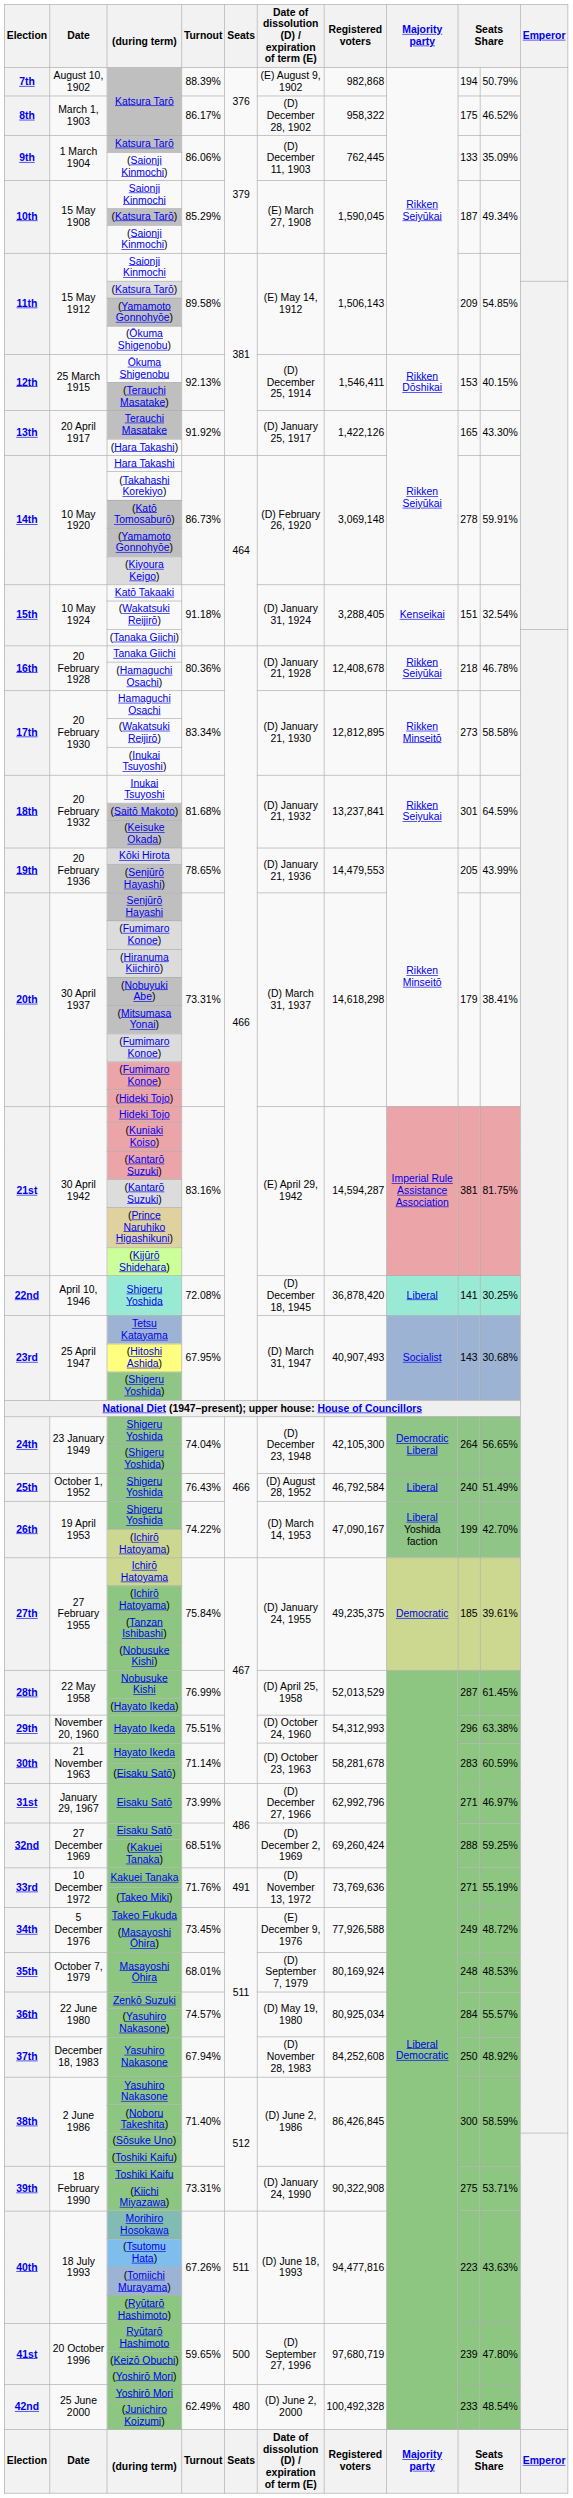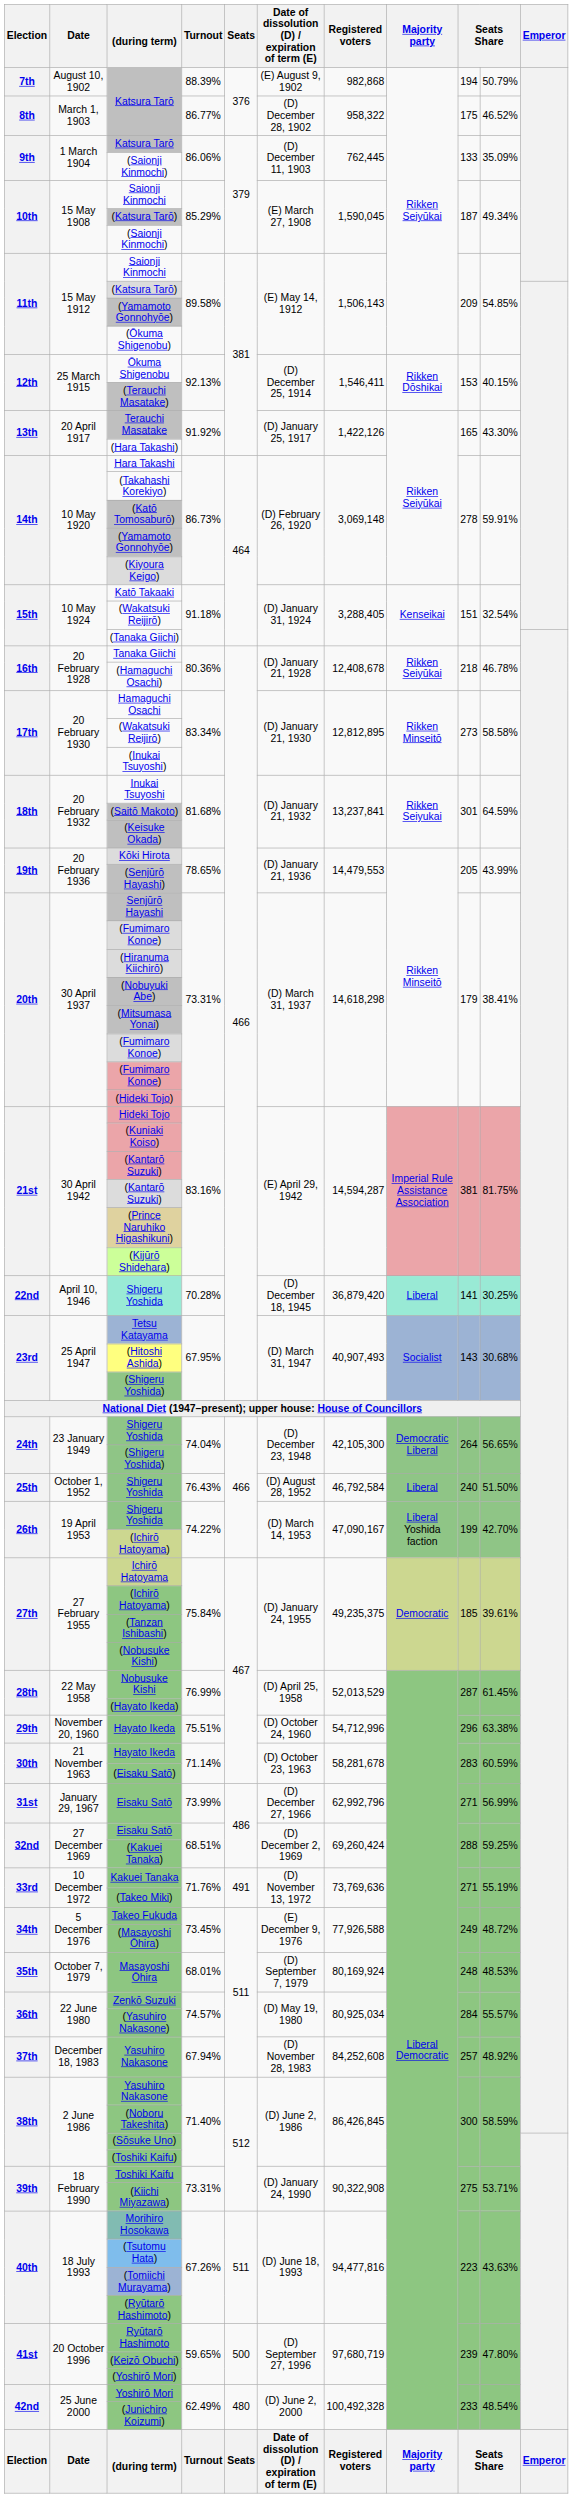 <table class="wikitable plainrowheaders" style="text-align:center">
 <tr>
 <th>Election</th>
 <th>Date</th>
 <th><br>(during term)</th>
 <th>Turnout</th>
 <th>Seats</th>
 <th>Date of<br>dissolution (D) /<br>expiration of term (E)</th>
 <th>Registered<br>voters</th>
 <th><a href='#'>Majority party</a></th>
 <th colspan=2>Seats Share</th>
 <th><a href='#'>Emperor</a><br></th>
 </tr>
 <tr>
 <th><a href='#'>7th</a></th>
 <td>August 10, 1902</td>
 <td bgcolor="#bfbfbf" rowspan=2><a href='#'>Katsura Tarō</a></td>
 <td>88.39%</td>
 <td rowspan=2>376</td>
 <td>(E) August 9, 1902</td>
 <td align="right">982,868</td>
 <td rowspan="11"><a href='#'>Rikken Seiyūkai</a></td>
 <td>194</td>
 <td>50.79%</td>
 <th rowspan=8 style="font-weight:normal"><strong></strong><br><div></div></th>
 </tr>
 <tr>
 <th><a href='#'>8th</a></th>
 <td>March 1, 1903</td>
-<td>86.17%</td>
+<td>86.77%</td>
 <td>(D) December 28, 1902</td>
 <td align="right">958,322</td>
 <td>175</td>
 <td>46.52%</td>
 </tr>
 <tr>
 <th rowspan=2><a href='#'>9th</a></th>
 <td rowspan=2>1 March 1904</td>
 <td bgcolor="#bfbfbf"><a href='#'>Katsura Tarō</a></td>
 <td rowspan=2>86.06%</td>
 <td rowspan=5>379</td>
 <td rowspan=2>(D) December 11, 1903</td>
 <td rowspan=2 align="right">762,445</td>
 <td rowspan=2>133</td>
 <td rowspan=2>35.09%</td>
 </tr>
 <tr>
 <td>(<a href='#'>Saionji Kinmochi</a>)</td>
 </tr>
 <tr>
 <th rowspan=3><a href='#'>10th</a></th>
 <td rowspan=3>15 May 1908</td>
 <td><a href='#'>Saionji Kinmochi</a></td>
 <td rowspan=3>85.29%</td>
 <td rowspan=3>(E) March 27, 1908</td>
 <td rowspan=3 align="right">1,590,045</td>
 <td rowspan=3>187</td>
 <td rowspan=3>49.34%</td>
 </tr>
 <tr>
 <td bgcolor="#bfbfbf">(<a href='#'>Katsura Tarō</a>)</td>
 </tr>
 <tr>
 <td>(<a href='#'>Saionji Kinmochi</a>)</td>
 </tr>
 <tr>
 <th rowspan=4><a href='#'>11th</a></th>
 <td rowspan=4>15 May 1912</td>
 <td><a href='#'>Saionji Kinmochi</a></td>
 <td rowspan=4>89.58%</td>
 <td rowspan=8>381</td>
 <td rowspan=4>(E) May 14, 1912</td>
 <td rowspan=4 align="right">1,506,143</td>
 <td rowspan=4>209</td>
 <td rowspan=4>54.85%</td>
 </tr>
 <tr>
 <td bgcolor="Gainsboro">(<a href='#'>Katsura Tarō</a>)</td>
 <th rowspan=14 style="font-weight:normal"><strong></strong><br><div></div></th>
 </tr>
 <tr>
 <td bgcolor="#bfbfbf">(<a href='#'>Yamamoto Gonnohyōe</a>)</td>
 </tr>
 <tr>
 <td bgcolor=>(<a href='#'>Ōkuma Shigenobu</a>)</td>
 </tr>
 <tr>
 <th rowspan=2><a href='#'>12th</a></th>
 <td rowspan=2>25 March 1915</td>
 <td bgcolor=><a href='#'>Ōkuma Shigenobu</a></td>
 <td rowspan=2>92.13%</td>
 <td rowspan=2>(D) December 25, 1914</td>
 <td rowspan=2 align="right">1,546,411</td>
 <td rowspan=2 bgcolor=><a href='#'>Rikken Dōshikai</a></td>
 <td rowspan=2 bgcolor=>153</td>
 <td rowspan=2 bgcolor=>40.15%</td>
 </tr>
 <tr>
 <td bgcolor="#bfbfbf">(<a href='#'>Terauchi Masatake</a>)</td>
 </tr>
 <tr>
 <th rowspan=2><a href='#'>13th</a></th>
 <td rowspan=2>20 April 1917</td>
 <td bgcolor="#bfbfbf"><a href='#'>Terauchi Masatake</a></td>
 <td rowspan=2>91.92%</td>
 <td rowspan=2>(D) January 25, 1917</td>
 <td rowspan=2 align="right">1,422,126</td>
 <td rowspan=7 bgcolor=><a href='#'>Rikken Seiyūkai</a></td>
 <td rowspan=2 bgcolor=>165</td>
 <td rowspan=2 bgcolor=>43.30%</td>
 </tr>
 <tr>
 <td bgcolor=>(<a href='#'>Hara Takashi</a>)</td>
 </tr>
 <tr>
 <th rowspan=5><a href='#'>14th</a></th>
 <td rowspan=5>10 May 1920</td>
 <td bgcolor=><a href='#'>Hara Takashi</a></td>
 <td rowspan=5>86.73%</td>
 <td rowspan=8>464</td>
 <td rowspan=5>(D) February 26, 1920</td>
 <td rowspan=5 align="right">3,069,148</td>
 <td rowspan=5 bgcolor=>278</td>
 <td rowspan=5 bgcolor=>59.91%</td>
 </tr>
 <tr>
 <td bgcolor=>(<a href='#'>Takahashi Korekiyo</a>)</td>
 </tr>
 <tr>
 <td bgcolor="#bfbfbf">(<a href='#'>Katō Tomosaburō</a>)</td>
 </tr>
 <tr>
 <td bgcolor="#bfbfbf">(<a href='#'>Yamamoto Gonnohyōe</a>)</td>
 </tr>
 <tr>
 <td bgcolor="Gainsboro">(<a href='#'>Kiyoura Keigo</a>)</td>
 </tr>
 <tr>
 <th rowspan=3><a href='#'>15th</a></th>
 <td rowspan=3>10 May 1924</td>
 <td bgcolor=><a href='#'>Katō Takaaki</a></td>
 <td rowspan=3>91.18%</td>
 <td rowspan=3>(D) January 31, 1924</td>
 <td rowspan=3 align="right">3,288,405</td>
 <td rowspan=3 bgcolor=><a href='#'>Kenseikai</a></td>
 <td rowspan=3 bgcolor=>151</td>
 <td rowspan=3 bgcolor=>32.54%</td>
 </tr>
 <tr>
 <td bgcolor=>(<a href='#'>Wakatsuki Reijirō</a>)</td>
 </tr>
 <tr>
 <td bgcolor=>(<a href='#'>Tanaka Giichi</a>)</td>
 <th rowspan=57 style="font-weight:normal"><strong></strong><br><div></div></th>
 </tr>
 <tr>
 <th rowspan=2><a href='#'>16th</a></th>
 <td rowspan=2>20 February 1928</td>
 <td bgcolor=><a href='#'>Tanaka Giichi</a></td>
 <td rowspan=2>80.36%</td>
 <td rowspan=28>466</td>
 <td rowspan=2>(D) January 21, 1928</td>
 <td rowspan=2 align="right">12,408,678</td>
 <td rowspan=2 bgcolor=><a href='#'>Rikken Seiyūkai</a></td>
 <td rowspan=2 bgcolor=>218</td>
 <td rowspan=2 bgcolor=>46.78%</td>
 </tr>
 <tr>
 <td>(<a href='#'>Hamaguchi Osachi</a>)</td>
 </tr>
 <tr>
 <th rowspan=3><a href='#'>17th</a></th>
 <td rowspan=3>20 February 1930</td>
 <td><a href='#'>Hamaguchi Osachi</a></td>
 <td rowspan=3>83.34%</td>
 <td rowspan=3>(D) January 21, 1930</td>
 <td rowspan=3 align="right">12,812,895</td>
 <td rowspan=3><a href='#'>Rikken Minseitō</a></td>
 <td rowspan=3>273</td>
 <td rowspan=3>58.58%</td>
 </tr>
 <tr>
 <td>(<a href='#'>Wakatsuki Reijirō</a>)</td>
 </tr>
 <tr>
 <td>(<a href='#'>Inukai Tsuyoshi</a>)</td>
 </tr>
 <tr>
 <th rowspan=3><a href='#'>18th</a></th>
 <td rowspan=3>20 February 1932</td>
 <td><a href='#'>Inukai Tsuyoshi</a></td>
 <td rowspan=3>81.68%</td>
 <td rowspan=3>(D) January 21, 1932</td>
 <td rowspan=3 align="right">13,237,841</td>
 <td rowspan=3><a href='#'>Rikken Seiyukai</a></td>
 <td rowspan=3>301</td>
 <td rowspan=3>64.59%</td>
 </tr>
 <tr>
 <td bgcolor="#bfbfbf">(<a href='#'>Saitō Makoto</a>)</td>
 </tr>
 <tr>
 <td bgcolor="#bfbfbf">(<a href='#'>Keisuke Okada</a>)</td>
 </tr>
 <tr>
 <th rowspan=2><a href='#'>19th</a></th>
 <td rowspan=2>20 February 1936</td>
 <td bgcolor="Gainsboro"><a href='#'>Kōki Hirota</a></td>
 <td rowspan=2>78.65%</td>
 <td rowspan=2>(D) January 21, 1936</td>
 <td rowspan=2 align="right">14,479,553</td>
 <td rowspan=10><a href='#'>Rikken Minseitō</a></td>
 <td rowspan=2>205</td>
 <td rowspan=2>43.99%</td>
 </tr>
 <tr>
 <td bgcolor="#bfbfbf">(<a href='#'>Senjūrō Hayashi</a>)</td>
 </tr>
 <tr>
 <th rowspan=8><a href='#'>20th</a></th>
 <td rowspan=8>30 April 1937</td>
 <td bgcolor="#bfbfbf"><a href='#'>Senjūrō Hayashi</a></td>
 <td rowspan=8>73.31%</td>
 <td rowspan=8>(D) March 31, 1937</td>
 <td rowspan=8 align="right">14,618,298</td>
 <td rowspan=8>179</td>
 <td rowspan=8>38.41%</td>
 </tr>
 <tr>
 <td bgcolor="Gainsboro">(<a href='#'>Fumimaro Konoe</a>)</td>
 </tr>
 <tr>
 <td bgcolor="Gainsboro">(<a href='#'>Hiranuma Kiichirō</a>)</td>
 </tr>
 <tr>
 <td bgcolor="#bfbfbf">(<a href='#'>Nobuyuki Abe</a>)</td>
 </tr>
 <tr>
 <td bgcolor="#bfbfbf">(<a href='#'>Mitsumasa Yonai</a>)</td>
 </tr>
 <tr>
 <td bgcolor="Gainsboro">(<a href='#'>Fumimaro Konoe</a>)</td>
 </tr>
 <tr>
 <td bgcolor="#eba5a9">(<a href='#'>Fumimaro Konoe</a>)</td>
 </tr>
 <tr>
 <td bgcolor="#eba5a9">(<a href='#'>Hideki Tojo</a>)</td>
 </tr>
 <tr>
 <th rowspan=6><a href='#'>21st</a></th>
 <td rowspan=6>30 April 1942</td>
 <td bgcolor="#eba5a9"><a href='#'>Hideki Tojo</a></td>
 <td rowspan=6>83.16%</td>
 <td rowspan=6>(E) April 29, 1942</td>
 <td rowspan=6 align="right">14,594,287</td>
 <td rowspan=6 bgcolor="#eba5a9"><a href='#'>Imperial Rule Assistance Association</a></td>
 <td rowspan=6 bgcolor="#eba5a9">381</td>
 <td rowspan=6 bgcolor="#eba5a9">81.75%</td>
 </tr>
 <tr>
 <td bgcolor="#eba5a9">(<a href='#'>Kuniaki Koiso</a>)</td>
 </tr>
 <tr>
 <td bgcolor="#eba5a9">(<a href='#'>Kantarō Suzuki</a>)</td>
 </tr>
 <tr>
 <td bgcolor="Gainsboro">(<a href='#'>Kantarō Suzuki</a>)</td>
 </tr>
 <tr>
 <td bgcolor="#dfd29f">(<a href='#'>Prince Naruhiko Higashikuni</a>)</td>
 </tr>
 <tr>
 <td bgcolor="#ccff99">(<a href='#'>Kijūrō Shidehara</a>)</td>
 </tr>
 <tr>
 <th><a href='#'>22nd</a></th>
 <td>April 10, 1946</td>
 <td bgcolor="#99ead5"><a href='#'>Shigeru Yoshida</a></td>
-<td>72.08%</td>
+<td>70.28%</td>
 <td>(D) December 18, 1945</td>
-<td align="right">36,878,420</td>
+<td align="right">36,879,420</td>
 <td bgcolor="#99ead5"><a href='#'>Liberal</a></td>
 <td bgcolor="#99ead5">141</td>
 <td bgcolor="#99ead5">30.25%</td>
 </tr>
 <tr>
 <th rowspan=3><a href='#'>23rd</a></th>
 <td rowspan=3>25 April 1947</td>
 <td bgcolor="#9cb3d4"><a href='#'>Tetsu Katayama</a></td>
 <td rowspan=3>67.95%</td>
 <td rowspan=3>(D) March 31, 1947</td>
 <td rowspan=3 align="right">40,907,493</td>
 <td rowspan=3 bgcolor="#9cb3d4"><a href='#'>Socialist</a></td>
 <td rowspan=3 bgcolor="#9cb3d4">143</td>
 <td rowspan=3 bgcolor="#9cb3d4">30.68%</td>
 </tr>
 <tr>
 <td bgcolor="#ffff7f">(<a href='#'>Hitoshi Ashida</a>)</td>
 </tr>
 <tr>
 <td bgcolor="#8fc586">(<a href='#'>Shigeru Yoshida</a>)</td>
 </tr>
 <tr>
 <td align="center" style="background:#efefef;" colspan="10"><strong><a href='#'>National Diet</a> (1947–present); upper house: <a href='#'>House of Councillors</a></strong></td>
 </tr>
 <tr>
 <th rowspan=2><a href='#'>24th</a></th>
 <td rowspan=2>23 January 1949</td>
 <td bgcolor="#8fc586"><a href='#'>Shigeru Yoshida</a></td>
 <td rowspan=2>74.04%</td>
 <td rowspan=5>466</td>
 <td rowspan=2>(D) December 23, 1948</td>
 <td rowspan=2 align="right">42,105,300</td>
 <td rowspan=2 bgcolor="#8fc586"><a href='#'>Democratic Liberal</a></td>
 <td rowspan=2 bgcolor="#8fc586">264</td>
 <td rowspan=2 bgcolor="#8fc586">56.65%</td>
 </tr>
 <tr>
 <td bgcolor="#8fc586">(<a href='#'>Shigeru Yoshida</a>)</td>
 </tr>
 <tr>
 <th><a href='#'>25th</a></th>
 <td>October 1, 1952</td>
 <td bgcolor="#8fc586"><a href='#'>Shigeru Yoshida</a></td>
 <td>76.43%</td>
 <td>(D) August 28, 1952</td>
 <td align="right">46,792,584</td>
 <td bgcolor="#8fc586"><a href='#'>Liberal</a></td>
 <td bgcolor="#8fc586">240</td>
-<td bgcolor="#8fc586">51.49%</td>
+<td bgcolor="#8fc586">51.50%</td>
 </tr>
 <tr>
 <th rowspan=2><a href='#'>26th</a></th>
 <td rowspan=2>19 April 1953</td>
 <td bgcolor="#8fc586"><a href='#'>Shigeru Yoshida</a></td>
 <td rowspan=2>74.22%</td>
 <td rowspan=2>(D) March 14, 1953</td>
 <td rowspan=2 align="right">47,090,167</td>
 <td rowspan=2 bgcolor="#8fc586"><a href='#'>Liberal</a><br>Yoshida faction</td>
 <td rowspan=2 bgcolor="#8fc586">199</td>
 <td rowspan=2 bgcolor="#8fc586">42.70%</td>
 </tr>
 <tr>
 <td bgcolor="#ccd790">(<a href='#'>Ichirō Hatoyama</a>)</td>
 </tr>
 <tr>
 <th rowspan=4><a href='#'>27th</a></th>
 <td rowspan=4>27 February 1955</td>
 <td bgcolor="#ccd790"><a href='#'>Ichirō Hatoyama</a></td>
 <td rowspan=4>75.84%</td>
 <td rowspan=9>467</td>
 <td rowspan=4>(D) January 24, 1955</td>
 <td rowspan=4 align="right">49,235,375</td>
 <td rowspan=4 bgcolor="#ccd790"><a href='#'>Democratic</a></td>
 <td rowspan=4 bgcolor="#ccd790">185</td>
 <td rowspan=4 bgcolor="#ccd790">39.61%</td>
 </tr>
 <tr>
 <td bgcolor="#8dc681">(<a href='#'>Ichirō Hatoyama</a>)</td>
 </tr>
 <tr>
 <td bgcolor="#8dc681">(<a href='#'>Tanzan Ishibashi</a>)</td>
 </tr>
 <tr>
 <td bgcolor="#8dc681">(<a href='#'>Nobusuke Kishi</a>)</td>
 </tr>
 <tr>
 <th rowspan=2><a href='#'>28th</a></th>
 <td rowspan=2>22 May 1958</td>
 <td bgcolor="#8dc681"><a href='#'>Nobusuke Kishi</a></td>
 <td rowspan=2>76.99%</td>
 <td rowspan=2>(D) April 25, 1958</td>
 <td rowspan=2 align="right">52,013,529</td>
 <td rowspan=31 bgcolor="#8dc681"><a href='#'>Liberal Democratic</a></td>
 <td rowspan=2 bgcolor="#8dc681">287</td>
 <td rowspan=2 bgcolor="#8dc681">61.45%</td>
 </tr>
 <tr>
 <td bgcolor="#8dc681">(<a href='#'>Hayato Ikeda</a>)</td>
 </tr>
 <tr>
 <th><a href='#'>29th</a></th>
 <td>November 20, 1960</td>
 <td bgcolor="#8dc681"><a href='#'>Hayato Ikeda</a></td>
 <td>75.51%</td>
 <td>(D) October 24, 1960</td>
-<td align="right">54,312,993</td>
+<td align="right">54,712,996</td>
 <td bgcolor="#8dc681">296</td>
 <td bgcolor="#8dc681">63.38%</td>
 </tr>
 <tr>
 <th rowspan=2><a href='#'>30th</a></th>
 <td rowspan=2>21 November 1963</td>
 <td bgcolor="#8dc681"><a href='#'>Hayato Ikeda</a></td>
 <td rowspan=2>71.14%</td>
 <td rowspan=2>(D) October 23, 1963</td>
 <td rowspan=2 align="right">58,281,678</td>
 <td rowspan=2 bgcolor="#8dc681">283</td>
 <td rowspan=2 bgcolor="#8dc681">60.59%</td>
 </tr>
 <tr>
 <td bgcolor="#8dc681">(<a href='#'>Eisaku Satō</a>)</td>
 </tr>
 <tr>
 <th><a href='#'>31st</a></th>
 <td>January 29, 1967</td>
 <td bgcolor="#8dc681"><a href='#'>Eisaku Satō</a></td>
 <td>73.99%</td>
 <td rowspan=3>486</td>
 <td>(D) December 27, 1966</td>
 <td align="right">62,992,796</td>
 <td bgcolor="#8dc681">271</td>
-<td bgcolor="#8dc681">46.97%</td>
+<td bgcolor="#8dc681">56.99%</td>
 </tr>
 <tr>
 <th rowspan=2><a href='#'>32nd</a></th>
 <td rowspan=2>27 December 1969</td>
 <td bgcolor="#8dc681"><a href='#'>Eisaku Satō</a></td>
 <td rowspan=2>68.51%</td>
 <td rowspan=2>(D) December 2, 1969</td>
 <td rowspan=2 align="right">69,260,424</td>
 <td rowspan=2 bgcolor="#8dc681">288</td>
 <td rowspan=2 bgcolor="#8dc681">59.25%</td>
 </tr>
 <tr>
 <td bgcolor="#8dc681">(<a href='#'>Kakuei Tanaka</a>)</td>
 </tr>
 <tr>
 <th rowspan=2><a href='#'>33rd</a></th>
 <td rowspan=2>10 December 1972</td>
 <td bgcolor="#8dc681"><a href='#'>Kakuei Tanaka</a></td>
 <td rowspan=2>71.76%</td>
 <td rowspan=2>491</td>
 <td rowspan=2>(D) November 13, 1972</td>
 <td rowspan=2 align="right">73,769,636</td>
 <td rowspan=2 bgcolor="#8dc681">271</td>
 <td rowspan=2 bgcolor="#8dc681">55.19%</td>
 </tr>
 <tr>
 <td bgcolor="#8dc681">(<a href='#'>Takeo Miki</a>)</td>
 </tr>
 <tr>
 <th rowspan=2><a href='#'>34th</a></th>
 <td rowspan=2>5 December 1976</td>
 <td bgcolor="#8dc681"><a href='#'>Takeo Fukuda</a></td>
 <td rowspan=2>73.45%</td>
 <td rowspan=6>511</td>
 <td rowspan=2>(E) December 9, 1976</td>
 <td rowspan=2 align="right">77,926,588</td>
 <td rowspan=2 bgcolor="#8dc681">249</td>
 <td rowspan=2 bgcolor="#8dc681">48.72%</td>
 </tr>
 <tr>
 <td bgcolor="#8dc681">(<a href='#'>Masayoshi Ōhira</a>)</td>
 </tr>
 <tr>
 <th><a href='#'>35th</a></th>
 <td>October 7, 1979</td>
 <td bgcolor="#8dc681"><a href='#'>Masayoshi Ōhira</a></td>
 <td>68.01%</td>
 <td>(D) September 7, 1979</td>
 <td align="right">80,169,924</td>
 <td bgcolor="#8dc681">248</td>
 <td bgcolor="#8dc681">48.53%</td>
 </tr>
 <tr>
 <th rowspan=2><a href='#'>36th</a></th>
 <td rowspan=2>22 June 1980</td>
 <td bgcolor="#8dc681"><a href='#'>Zenkō Suzuki</a></td>
 <td rowspan=2>74.57%</td>
 <td rowspan=2>(D) May 19, 1980</td>
 <td rowspan=2 align="right">80,925,034</td>
 <td rowspan=2 bgcolor="#8dc681">284</td>
 <td rowspan=2 bgcolor="#8dc681">55.57%</td>
 </tr>
 <tr>
 <td bgcolor="#8dc681">(<a href='#'>Yasuhiro Nakasone</a>)</td>
 </tr>
 <tr>
 <th><a href='#'>37th</a></th>
 <td>December 18, 1983</td>
 <td bgcolor="#8dc681"><a href='#'>Yasuhiro Nakasone</a></td>
 <td>67.94%</td>
 <td>(D) November 28, 1983</td>
 <td align="right">84,252,608</td>
-<td bgcolor="#8dc681">250</td>
+<td bgcolor="#8dc681">257</td>
 <td bgcolor="#8dc681">48.92%</td>
 </tr>
 <tr>
 <th rowspan=4><a href='#'>38th</a></th>
 <td rowspan=4>2 June 1986</td>
 <td bgcolor="#8dc681"><a href='#'>Yasuhiro Nakasone</a></td>
 <td rowspan=4>71.40%</td>
 <td rowspan=6>512</td>
 <td rowspan=4>(D) June 2, 1986</td>
 <td rowspan=4 align="right">86,426,845</td>
 <td rowspan=4 bgcolor="#8dc681">300</td>
 <td rowspan=4 bgcolor="#8dc681">58.59%</td>
 </tr>
 <tr>
 <td bgcolor="#8dc681">(<a href='#'>Noboru Takeshita</a>)</td>
 </tr>
 <tr>
 <td bgcolor="#8dc681">(<a href='#'>Sōsuke Uno</a>)</td>
 <th rowspan=13 style="font-weight:normal"><br><div></div></th>
 </tr>
 <tr>
 <td bgcolor="#8dc681">(<a href='#'>Toshiki Kaifu</a>)</td>
 </tr>
 <tr>
 <th rowspan=2><a href='#'>39th</a></th>
 <td rowspan=2>18 February 1990</td>
 <td bgcolor="#8dc681"><a href='#'>Toshiki Kaifu</a></td>
 <td rowspan=2>73.31%</td>
 <td rowspan=2>(D) January 24, 1990</td>
 <td rowspan=2 align="right">90,322,908</td>
 <td rowspan=2 bgcolor="#8dc681">275</td>
 <td rowspan=2 bgcolor="#8dc681">53.71%</td>
 </tr>
 <tr>
 <td bgcolor="#8dc681">(<a href='#'>Kiichi Miyazawa</a>)</td>
 </tr>
 <tr>
 <th rowspan=4><a href='#'>40th</a></th>
 <td rowspan=4>18 July 1993</td>
 <td bgcolor="#81bbb2"><a href='#'>Morihiro Hosokawa</a></td>
 <td rowspan=4>67.26%</td>
 <td rowspan=4>511</td>
 <td rowspan=4>(D) June 18, 1993</td>
 <td rowspan=4 align="right">94,477,816</td>
 <td rowspan=4 bgcolor="#8dc681">223</td>
 <td rowspan=4 bgcolor="#8dc681">43.63%</td>
 </tr>
 <tr>
 <td bgcolor="#7fbdec">(<a href='#'>Tsutomu Hata</a>)</td>
 </tr>
 <tr>
 <td bgcolor="#9CB3D4">(<a href='#'>Tomiichi Murayama</a>)</td>
 </tr>
 <tr>
 <td bgcolor="#8DC681">(<a href='#'>Ryūtarō Hashimoto</a>)</td>
 </tr>
 <tr>
 <th rowspan=3><a href='#'>41st</a></th>
 <td rowspan=3>20 October 1996</td>
 <td bgcolor="#8DC681"><a href='#'>Ryūtarō Hashimoto</a></td>
 <td rowspan=3>59.65%</td>
 <td rowspan=3>500</td>
 <td rowspan=3>(D) September 27, 1996</td>
 <td rowspan=3 align="right">97,680,719</td>
 <td rowspan=3 bgcolor="#8dc681">239</td>
 <td rowspan=3 bgcolor="#8dc681">47.80%</td>
 </tr>
 <tr>
 <td bgcolor="#8DC681">(<a href='#'>Keizō Obuchi</a>)</td>
 </tr>
 <tr>
 <td bgcolor="#8DC681">(<a href='#'>Yoshirō Mori</a>)</td>
 </tr>
 <tr>
 <th rowspan=2><a href='#'>42nd</a></th>
 <td rowspan=2>25 June 2000</td>
 <td bgcolor="#8DC681"><a href='#'>Yoshirō Mori</a></td>
 <td rowspan=2>62.49%</td>
 <td rowspan=2>480</td>
 <td rowspan=2>(D) June 2, 2000</td>
 <td rowspan=2 align="right">100,492,328</td>
 <td rowspan=2 bgcolor="#8dc681">233</td>
 <td rowspan=2 bgcolor="#8dc681">48.54%</td>
 </tr>
 <tr>
 <td bgcolor="#8DC681">(<a href='#'>Junichiro Koizumi</a>)</td>
 </tr>
 <tr>
 <th>Election</th>
 <th>Date</th>
 <th><br>(during term)</th>
 <th>Turnout</th>
 <th>Seats</th>
 <th>Date of<br>dissolution (D) /<br>expiration of term (E)</th>
 <th>Registered<br>voters</th>
 <th><a href='#'>Majority party</a></th>
 <th colspan=2>Seats Share</th>
 <th><a href='#'>Emperor</a><br></th>
 </tr>
 </table>
